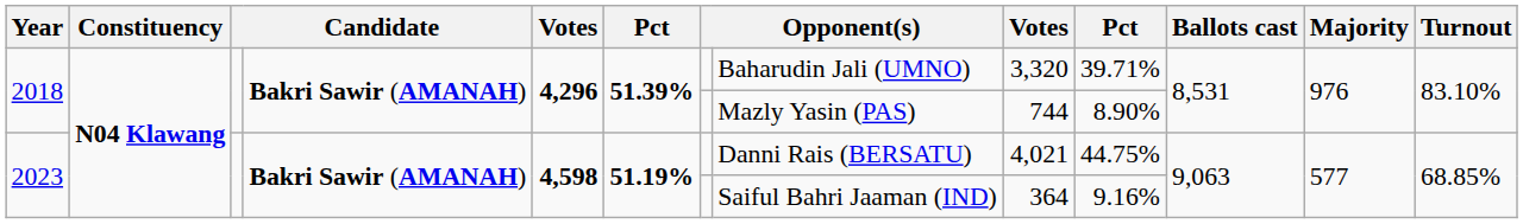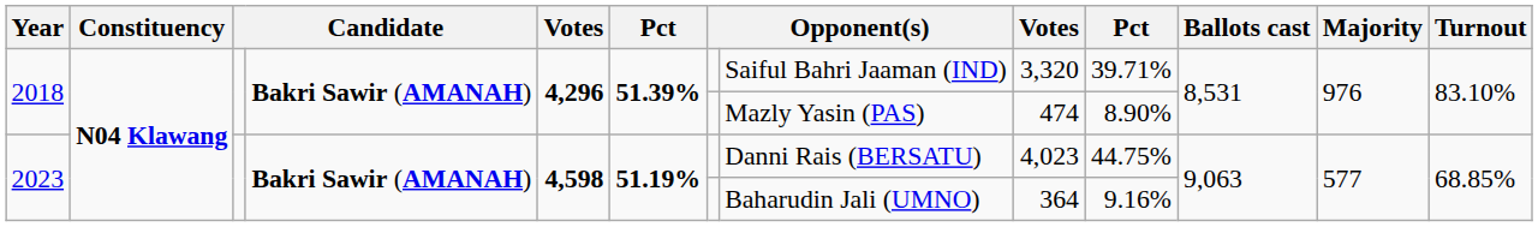 <table class="wikitable" style="margin:0.5em ; font-size:95%">
 <tr>
 <th>Year</th>
 <th>Constituency</th>
 <th colspan=2>Candidate</th>
 <th>Votes</th>
 <th>Pct</th>
 <th colspan=2>Opponent(s)</th>
 <th>Votes</th>
 <th>Pct</th>
 <th>Ballots cast</th>
 <th>Majority</th>
 <th>Turnout</th>
 </tr>
 <tr>
 <td rowspan=2><a href='#'>2018</a></td>
 <td rowspan=4><strong>N04 <a href='#'>Klawang</a></strong></td>
 <td rowspan=2 ></td>
 <td rowspan=2><strong>Bakri Sawir</strong> (<a href='#'><strong>AMANAH</strong></a>)</td>
 <td rowspan=2 align="right"><strong>4,296</strong></td>
 <td rowspan=2><strong>51.39%</strong></td>
 <td></td>
-<td>Baharudin Jali (<a href='#'>UMNO</a>)</td>
+<td>Saiful Bahri Jaaman (<a href='#'>IND</a>)</td>
 <td align="right">3,320</td>
 <td>39.71%</td>
 <td rowspan=2>8,531</td>
 <td rowspan=2>976</td>
 <td rowspan=2>83.10%</td>
 </tr>
 <tr>
 <td></td>
 <td>Mazly Yasin (<a href='#'>PAS</a>)</td>
-<td align="right">744</td>
+<td align="right">474</td>
 <td align=right>8.90%</td>
 </tr>
 <tr>
 <td rowspan=2><a href='#'>2023</a></td>
 <td rowspan=2 ></td>
 <td rowspan=2><strong>Bakri Sawir</strong> (<a href='#'><strong>AMANAH</strong></a>)</td>
 <td rowspan=2 align=right><strong>4,598</strong></td>
 <td rowspan=2><strong>51.19%</strong></td>
 <td bgcolor=></td>
 <td>Danni Rais (<a href='#'>BERSATU</a>)</td>
-<td align=right>4,021</td>
+<td align=right>4,023</td>
 <td>44.75%</td>
 <td rowspan=2>9,063</td>
 <td rowspan=2>577</td>
 <td rowspan=2>68.85%</td>
 </tr>
 <tr>
 <td></td>
-<td>Saiful Bahri Jaaman (<a href='#'>IND</a>)</td>
+<td>Baharudin Jali (<a href='#'>UMNO</a>)</td>
 <td align=right>364</td>
 <td align=right>9.16%</td>
 </tr>
 </table>
